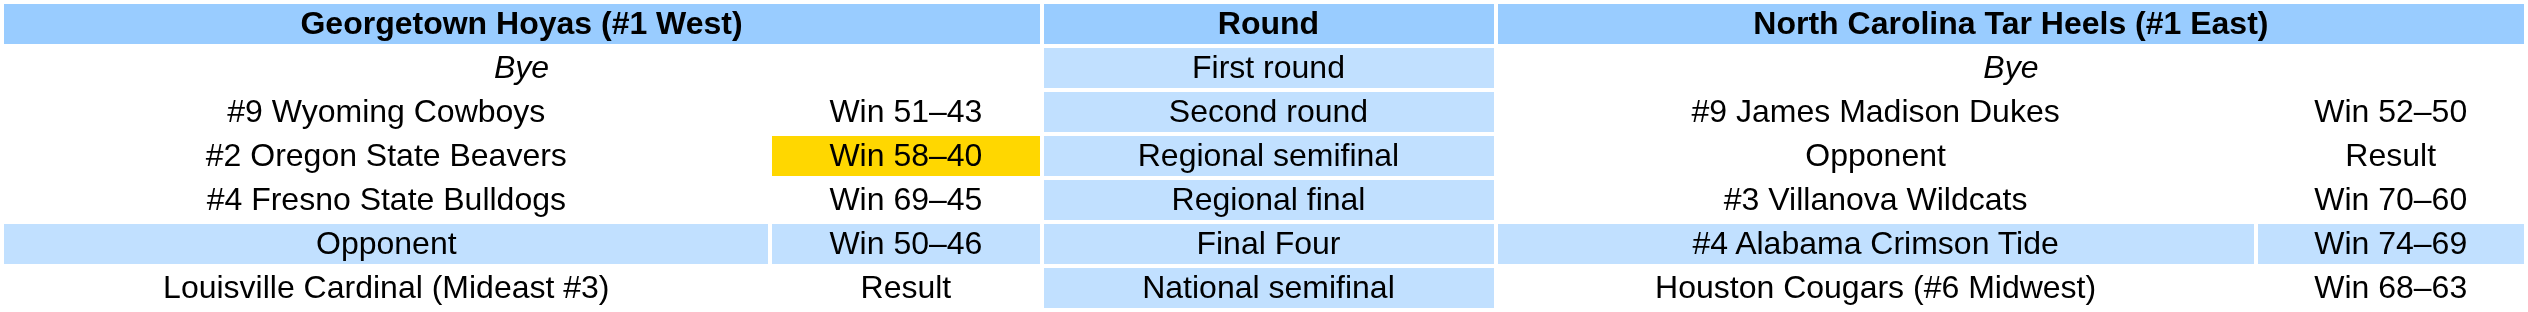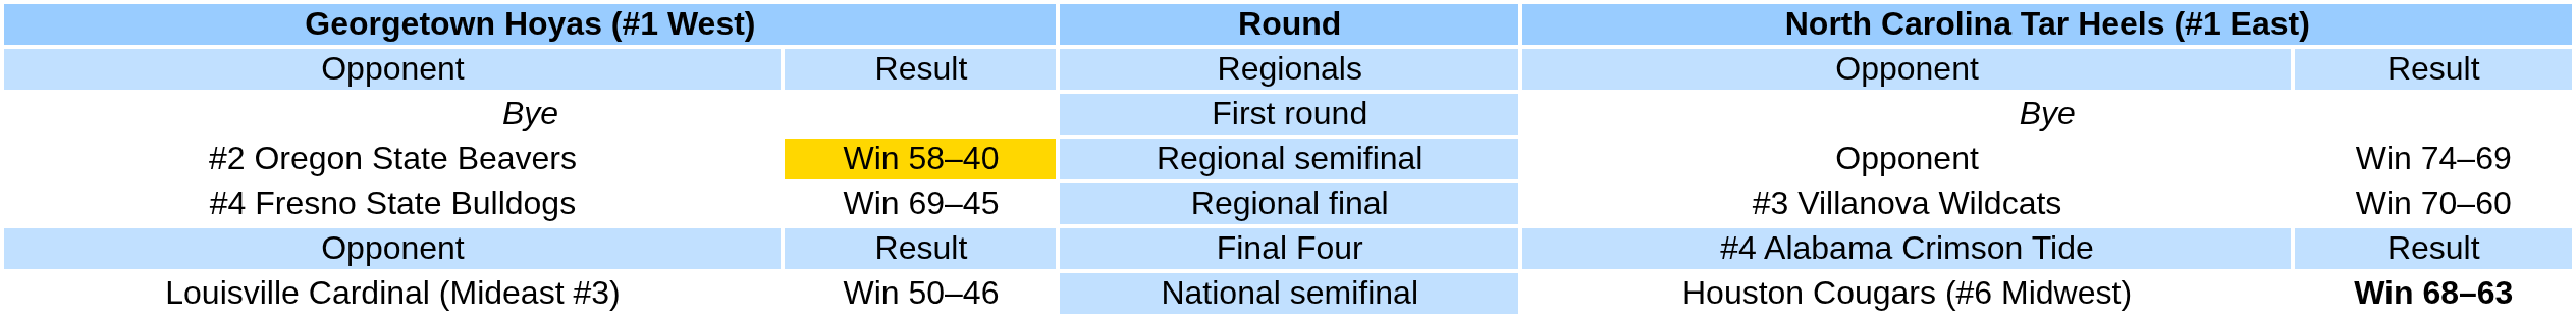 <table style="width:100%;text-align:center">
 <tr style="vertical-align:top;background:#9cf">
 <th colspan=2>Georgetown Hoyas (#1 West)</th>
 <th>Round</th>
 <th colspan=2>North Carolina Tar Heels (#1 East)</th>
+</tr>
+<tr style="vertical-align:top;background:#c1e0ff">
+<td>Opponent</td>
+<td>Result</td>
+<td>Regionals</td>
+<td>Opponent</td>
+<td>Result</td>
 </tr>
 <tr>
 <td colspan="2"><em>Bye</em></td>
 <td style="background:#c1e0ff">First round</td>
 <td colspan="2"><em>Bye</em></td>
 </tr>
 <tr>
-<td>#9 Wyoming Cowboys</td>
-<td>Win 51–43</td>
-<td style="background:#c1e0ff">Second round</td>
-<td>#9 James Madison Dukes</td>
-<td>Win 52–50</td>
-</tr>
-<tr>
 <td>#2 Oregon State Beavers</td>
 <td style="background: gold;">Win 58–40</td>
 <td style="background:#c1e0ff">Regional semifinal</td>
 <td>Opponent</td>
-<td>Result</td>
+<td>Win 74–69</td>
 </tr>
 <tr>
 <td>#4 Fresno State Bulldogs</td>
 <td>Win 69–45</td>
 <td style="background:#c1e0ff">Regional final</td>
 <td>#3 Villanova Wildcats</td>
 <td>Win 70–60</td>
 </tr>
 <tr style="vertical-align:top;background:#c1e0ff">
 <td>Opponent</td>
-<td>Win 50–46</td>
+<td>Result</td>
 <td>Final Four</td>
 <td>#4 Alabama Crimson Tide</td>
-<td>Win 74–69</td>
+<td>Result</td>
 </tr>
 <tr>
 <td>Louisville Cardinal (Mideast #3)</td>
-<td>Result</td>
+<td>Win 50–46</td>
 <td style="background:#c1e0ff">National semifinal</td>
 <td>Houston Cougars (#6 Midwest)</td>
-<td>Win 68–63</td>
+<td><strong>Win 68–63</strong></td>
 </tr>
 </table>
